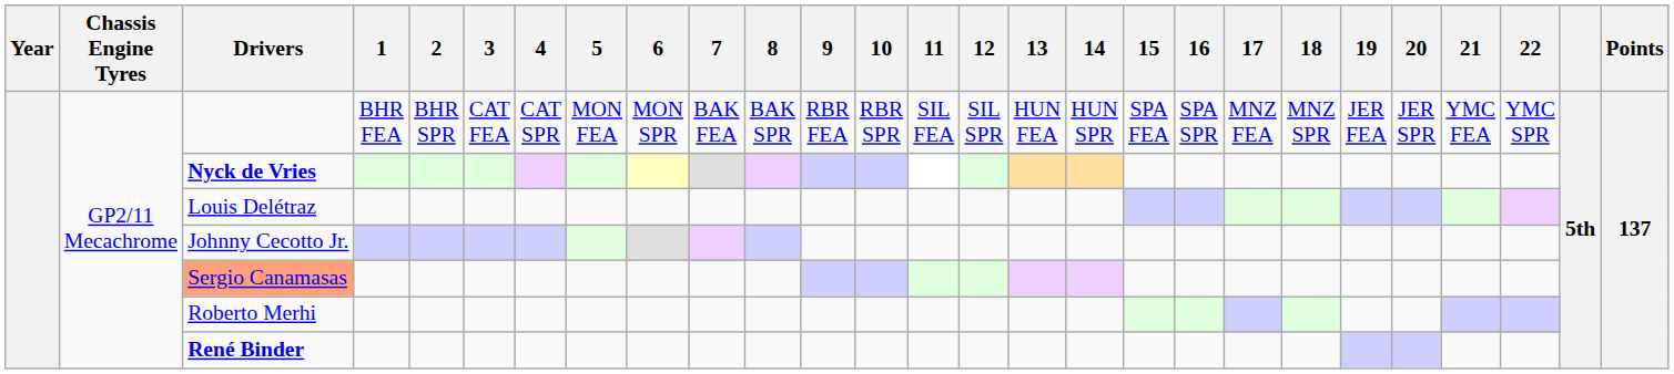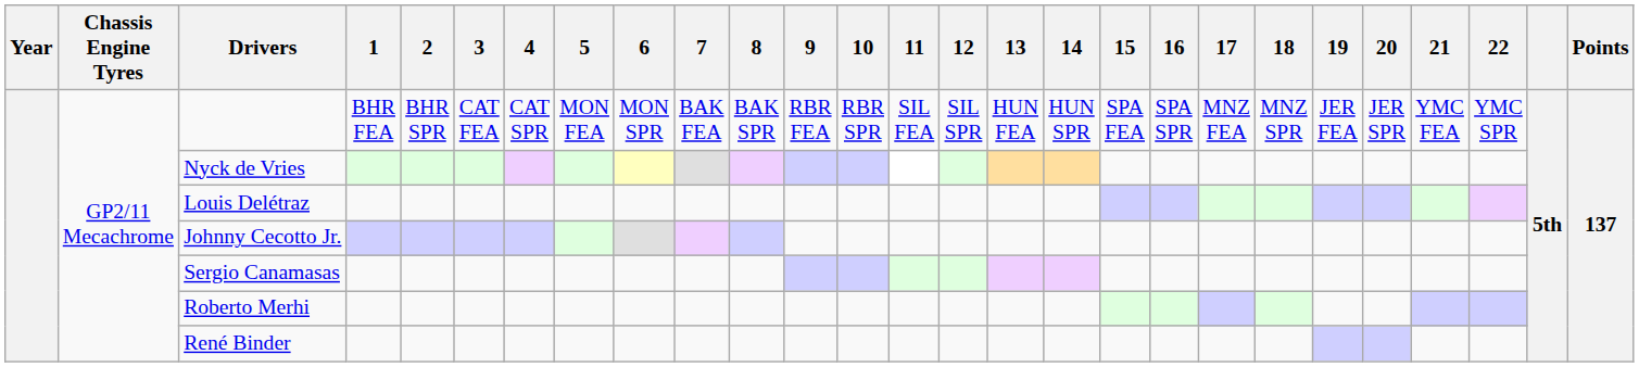 <table class="wikitable" style="text-align:center; font-size:85%;">
 <tr>
 <th>Year</th>
 <th>Chassis<br>Engine<br>Tyres</th>
 <th>Drivers</th>
 <th>1</th>
 <th>2</th>
 <th>3</th>
 <th>4</th>
 <th>5</th>
 <th>6</th>
 <th>7</th>
 <th>8</th>
 <th>9</th>
 <th>10</th>
 <th>11</th>
 <th>12</th>
 <th>13</th>
 <th>14</th>
 <th>15</th>
 <th>16</th>
 <th>17</th>
 <th>18</th>
 <th>19</th>
 <th>20</th>
 <th>21</th>
 <th>22</th>
 <th></th>
 <th>Points</th>
 </tr>
 <tr>
 <th rowspan=7></th>
 <td rowspan=7><a href='#'>GP2/11</a><br><a href='#'>Mecachrome</a><br></td>
 <td></td>
 <td><a href='#'>BHR<br>FEA</a></td>
 <td><a href='#'>BHR<br>SPR</a></td>
 <td><a href='#'>CAT<br>FEA</a></td>
 <td><a href='#'>CAT<br>SPR</a></td>
 <td><a href='#'>MON<br>FEA</a></td>
 <td><a href='#'>MON<br>SPR</a></td>
 <td><a href='#'>BAK<br>FEA</a></td>
 <td><a href='#'>BAK<br>SPR</a></td>
 <td><a href='#'>RBR<br>FEA</a></td>
 <td><a href='#'>RBR<br>SPR</a></td>
 <td><a href='#'>SIL<br>FEA</a></td>
 <td><a href='#'>SIL<br>SPR</a></td>
 <td><a href='#'>HUN<br>FEA</a></td>
 <td><a href='#'>HUN<br>SPR</a></td>
 <td><a href='#'>SPA<br>FEA</a></td>
 <td><a href='#'>SPA<br>SPR</a></td>
 <td><a href='#'>MNZ<br>FEA</a></td>
 <td><a href='#'>MNZ<br>SPR</a></td>
 <td><a href='#'>JER<br>FEA</a></td>
 <td><a href='#'>JER<br>SPR</a></td>
 <td><a href='#'>YMC<br>FEA</a></td>
 <td><a href='#'>YMC<br>SPR</a></td>
 <th rowspan=7>5th</th>
 <th rowspan=7>137</th>
 </tr>
 <tr>
-<td align=left><strong> <a href='#'>Nyck de Vries</a></strong></td>
+<td align=left> <a href='#'>Nyck de Vries</a></td>
 <td style="background:#DFFFDF;"></td>
 <td style="background:#DFFFDF;"></td>
 <td style="background:#DFFFDF;"></td>
 <td style="background:#EFCFFF;"></td>
 <td style="background:#DFFFDF;"></td>
 <td style="background:#FFFFBF;"></td>
 <td style="background:#DFDFDF;"></td>
 <td style="background:#EFCFFF;"></td>
 <td style="background:#CFCFFF;"></td>
 <td style="background:#CFCFFF;"></td>
 <td style="background:#FFFFFF;"></td>
 <td style="background:#DFFFDF;"></td>
 <td style="background:#FFDF9F;"></td>
 <td style="background:#FFDF9F;"></td>
 <td></td>
 <td></td>
 <td></td>
 <td></td>
 <td></td>
 <td></td>
 <td></td>
 <td></td>
 </tr>
 <tr>
 <td align=left> <a href='#'>Louis Delétraz</a></td>
 <td></td>
 <td></td>
 <td></td>
 <td></td>
 <td></td>
 <td></td>
 <td></td>
 <td></td>
 <td></td>
 <td></td>
 <td></td>
 <td></td>
 <td></td>
 <td></td>
 <td style="background:#CFCFFF;"></td>
 <td style="background:#CFCFFF;"></td>
 <td style="background:#DFFFDF;"></td>
 <td style="background:#DFFFDF;"></td>
 <td style="background:#CFCFFF;"></td>
 <td style="background:#CFCFFF;"></td>
 <td style="background:#DFFFDF;"></td>
 <td style="background:#EFCFFF;"></td>
 </tr>
 <tr>
 <td align=left> <a href='#'>Johnny Cecotto Jr.</a></td>
 <td style="background:#CFCFFF;"></td>
 <td style="background:#CFCFFF;"></td>
 <td style="background:#CFCFFF;"></td>
 <td style="background:#CFCFFF;"></td>
 <td style="background:#DFFFDF;"></td>
 <td style="background:#DFDFDF;"></td>
 <td style="background:#EFCFFF;"></td>
 <td style="background:#CFCFFF;"></td>
 <td></td>
 <td></td>
 <td></td>
 <td></td>
 <td></td>
 <td></td>
 <td></td>
 <td></td>
 <td></td>
 <td></td>
 <td></td>
 <td></td>
 <td></td>
 <td></td>
 </tr>
 <tr>
-<td align=left style="background: lightsalmon;"> <a href='#'>Sergio Canamasas</a></td>
+<td align=left> <a href='#'>Sergio Canamasas</a></td>
 <td></td>
 <td></td>
 <td></td>
 <td></td>
 <td></td>
 <td></td>
 <td></td>
 <td></td>
 <td style="background:#CFCFFF;"></td>
 <td style="background:#CFCFFF;"></td>
 <td style="background:#DFFFDF;"></td>
 <td style="background:#DFFFDF;"></td>
 <td style="background:#EFCFFF;"></td>
 <td style="background:#EFCFFF;"></td>
 <td></td>
 <td></td>
 <td></td>
 <td></td>
 <td></td>
 <td></td>
 <td></td>
 <td></td>
 </tr>
 <tr>
 <td align=left> <a href='#'>Roberto Merhi</a></td>
 <td></td>
 <td></td>
 <td></td>
 <td></td>
 <td></td>
 <td></td>
 <td></td>
 <td></td>
 <td></td>
 <td></td>
 <td></td>
 <td></td>
 <td></td>
 <td></td>
 <td style="background:#DFFFDF;"></td>
 <td style="background:#DFFFDF;"></td>
 <td style="background:#CFCFFF;"></td>
 <td style="background:#DFFFDF;"></td>
 <td></td>
 <td></td>
 <td style="background:#CFCFFF;"></td>
 <td style="background:#CFCFFF;"></td>
 </tr>
 <tr>
-<td align=left><strong> <a href='#'>René Binder</a></strong></td>
+<td align=left> <a href='#'>René Binder</a></td>
 <td></td>
 <td></td>
 <td></td>
 <td></td>
 <td></td>
 <td></td>
 <td></td>
 <td></td>
 <td></td>
 <td></td>
 <td></td>
 <td></td>
 <td></td>
 <td></td>
 <td></td>
 <td></td>
 <td></td>
 <td></td>
 <td style="background:#CFCFFF;"></td>
 <td style="background:#CFCFFF;"></td>
 <td></td>
 <td></td>
 </tr>
 </table>
